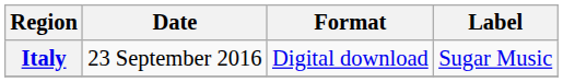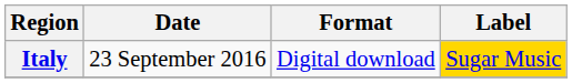 <table class="wikitable sortable plainrowheaders" style="text-align:center">
 <tr>
 <th>Region</th>
 <th>Date</th>
 <th>Format</th>
 <th>Label</th>
 </tr>
 <tr>
 <th scope="row"><a href='#'>Italy</a></th>
 <td>23 September 2016</td>
 <td><a href='#'>Digital download</a></td>
-<td><a href='#'>Sugar Music</a></td>
+<td style="background: gold;"><a href='#'>Sugar Music</a></td>
 </tr>
 <tr>
 </tr>
 </table>
